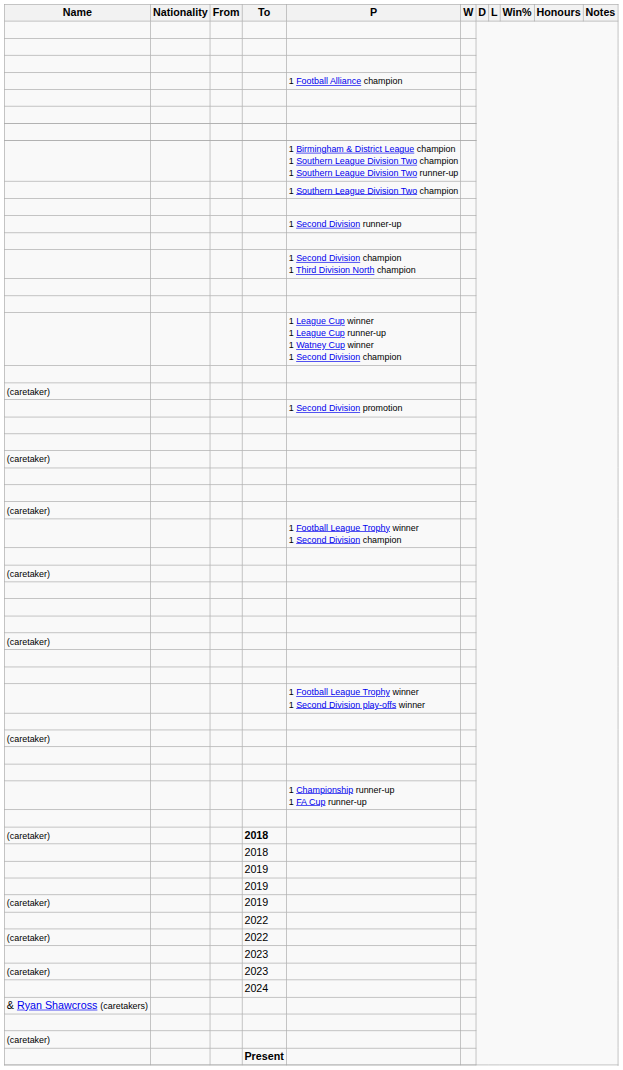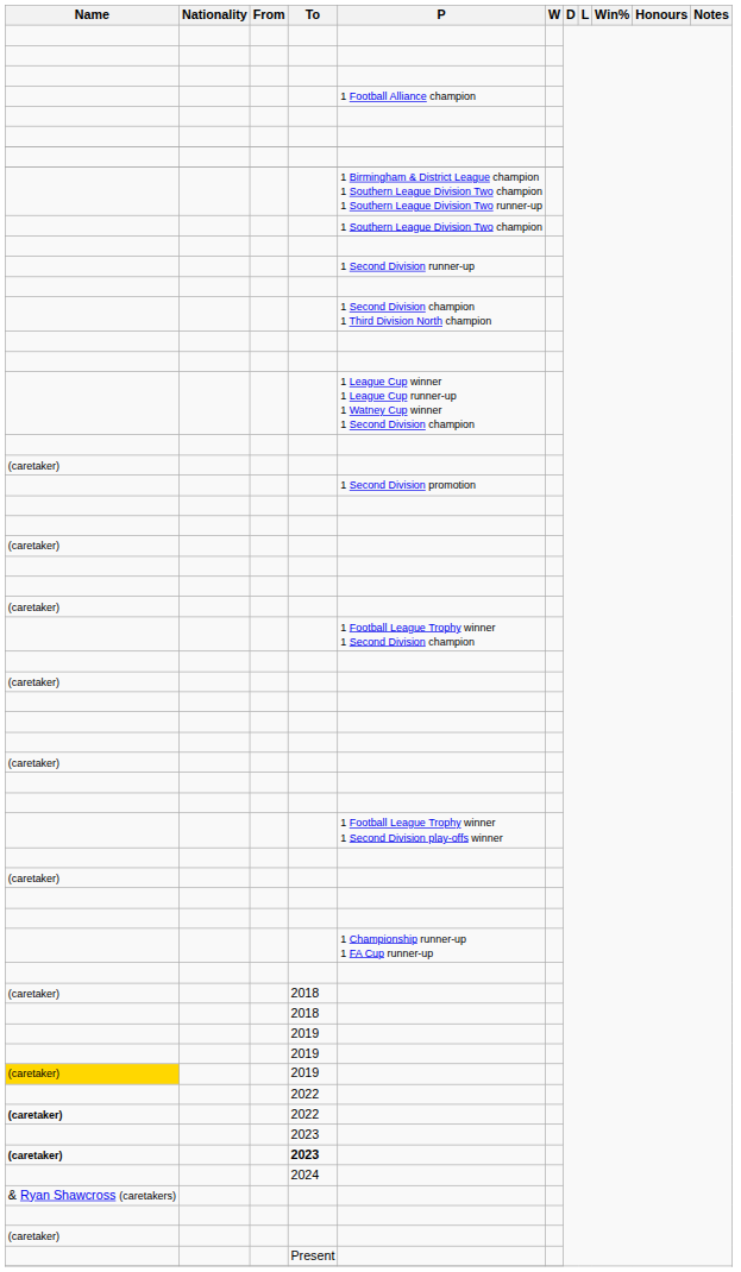 <table class="wikitable sortable">
 <tr>
 <th>Name</th>
 <th>Nationality</th>
 <th>From</th>
 <th class="unsortable">To</th>
 <th>P</th>
 <th>W</th>
 <th>D</th>
 <th>L</th>
 <th>Win%</th>
 <th class="unsortable">Honours</th>
 <th class="unsortable">Notes</th>
 </tr>
 <tr>
 <td align=left></td>
 <td></td>
 <td align=left></td>
 <td align=left><br></td>
 <td align=left></td>
 <td align=left></td>
 </tr>
 <tr>
 <td align=left></td>
 <td></td>
 <td align=left></td>
 <td align=left><br></td>
 <td align=left></td>
 <td align=left></td>
 </tr>
 <tr>
 <td align=left></td>
 <td></td>
 <td align=left></td>
 <td align=left><br></td>
 <td align=left></td>
 <td align=left></td>
 </tr>
 <tr>
 <td align=left></td>
 <td></td>
 <td align=left></td>
 <td align=left><br></td>
 <td align=left><small>1 <a href='#'>Football Alliance</a> champion</small></td>
 <td align=left></td>
 </tr>
 <tr>
 <td align=left></td>
 <td></td>
 <td align=left></td>
 <td align=left><br></td>
 <td align=left></td>
 <td align=left></td>
 </tr>
 <tr>
 <td align=left></td>
 <td></td>
 <td align=left></td>
 <td align=left><br></td>
 <td align=left></td>
 <td align=left></td>
 </tr>
 <tr>
 </tr>
 <tr>
 <td align=left></td>
 <td></td>
 <td align=left></td>
 <td align=left><br></td>
 <td align=left></td>
 <td align=left></td>
 </tr>
 <tr>
 </tr>
 <tr>
 <td align=left></td>
 <td></td>
 <td align=left></td>
 <td align=left><br></td>
 <td align=left><small>1 <a href='#'>Birmingham & District League</a> champion<br>1 <a href='#'>Southern League Division Two</a> champion <br> 1 <a href='#'>Southern League Division Two</a> runner-up</small></td>
 <td align=left></td>
 </tr>
 <tr>
 <td align=left></td>
 <td></td>
 <td align=left></td>
 <td align=left><br></td>
 <td align=left><small>1 <a href='#'>Southern League Division Two</a> champion</small></td>
 <td align=left></td>
 </tr>
 <tr>
 <td align=left></td>
 <td></td>
 <td align=left></td>
 <td align=left><br></td>
 <td align=left></td>
 <td align=left></td>
 </tr>
 <tr>
 <td align=left></td>
 <td></td>
 <td align=left></td>
 <td align=left><br></td>
 <td align=left><small> 1 <a href='#'>Second Division</a> runner-up</small></td>
 <td align=left></td>
 </tr>
 <tr>
 <td align=left></td>
 <td></td>
 <td align=left></td>
 <td align=left><br></td>
 <td align=left></td>
 <td align=left></td>
 </tr>
 <tr>
 <td align=left></td>
 <td></td>
 <td align=left></td>
 <td align=left><br></td>
 <td align=left><small>1 <a href='#'>Second Division</a> champion <br> 1 <a href='#'>Third Division North</a> champion</small></td>
 <td align=left></td>
 </tr>
 <tr>
 <td align=left></td>
 <td></td>
 <td align=left></td>
 <td align=left><br></td>
 <td align=left></td>
 <td align=left></td>
 </tr>
 <tr>
 <td align=left></td>
 <td></td>
 <td align=left></td>
 <td align=left><br></td>
 <td align=left></td>
 <td align=left></td>
 </tr>
 <tr>
 <td align=left></td>
 <td></td>
 <td align=left></td>
 <td align=left><br></td>
 <td align=left><small>1 <a href='#'>League Cup</a> winner <br> 1 <a href='#'>League Cup</a> runner-up <br> 1 <a href='#'>Watney Cup</a> winner <br> 1 <a href='#'>Second Division</a> champion</small></td>
 <td align=left></td>
 </tr>
 <tr>
 <td align=left></td>
 <td></td>
 <td align=left></td>
 <td align=left><br></td>
 <td align=left></td>
 <td align=left></td>
 </tr>
 <tr>
 <td align=left> <small>(caretaker)</small></td>
 <td></td>
 <td align=left></td>
 <td align=left><br></td>
 <td align=left></td>
 <td align=left></td>
 </tr>
 <tr>
 <td align=left></td>
 <td></td>
 <td align=left></td>
 <td align=left><br></td>
 <td align=left><small>1 <a href='#'>Second Division</a> promotion</small></td>
 <td align=left></td>
 </tr>
 <tr>
 <td align=left></td>
 <td></td>
 <td align=left></td>
 <td align=left><br></td>
 <td align=left></td>
 <td align=left></td>
 </tr>
 <tr>
 <td align=left></td>
 <td></td>
 <td align=left></td>
 <td align=left><br></td>
 <td align=left></td>
 <td align=left></td>
 </tr>
 <tr>
 <td align=left> <small>(caretaker)</small></td>
 <td></td>
 <td align=left></td>
 <td align=left><br></td>
 <td align=left></td>
 <td align=left></td>
 </tr>
 <tr>
 <td align=left></td>
 <td></td>
 <td align=left></td>
 <td align=left><br></td>
 <td align=left></td>
 <td align=left></td>
 </tr>
 <tr>
 <td align=left></td>
 <td></td>
 <td align=left></td>
 <td align=left><br></td>
 <td align=left></td>
 <td align=left></td>
 </tr>
 <tr>
 <td align=left> <small>(caretaker)</small></td>
 <td></td>
 <td align=left></td>
 <td align=left><br></td>
 <td align=left></td>
 <td align=left></td>
 </tr>
 <tr>
 <td align=left></td>
 <td></td>
 <td align=left></td>
 <td align=left><br></td>
 <td align=left><small>1 <a href='#'>Football League Trophy</a> winner <br> 1 <a href='#'>Second Division</a> champion</small></td>
 <td align=left></td>
 </tr>
 <tr>
 <td align=left></td>
 <td></td>
 <td align=left></td>
 <td align=left><br></td>
 <td align=left></td>
 <td align=left></td>
 </tr>
 <tr>
 <td align=left> <small>(caretaker)</small></td>
 <td></td>
 <td align=left></td>
 <td align=left><br></td>
 <td align=left></td>
 <td align=left></td>
 </tr>
 <tr>
 <td align=left></td>
 <td></td>
 <td align=left></td>
 <td align=left><br></td>
 <td align=left></td>
 <td align=left></td>
 </tr>
 <tr>
 <td align=left></td>
 <td></td>
 <td align=left></td>
 <td align=left><br></td>
 <td align=left></td>
 <td align=left></td>
 </tr>
 <tr>
 <td align=left></td>
 <td></td>
 <td align=left></td>
 <td align=left><br></td>
 <td align=left></td>
 <td align=left></td>
 </tr>
 <tr>
 <td align=left> <small>(caretaker)</small></td>
 <td></td>
 <td align=left></td>
 <td align=left><br></td>
 <td align=left></td>
 <td align=left></td>
 </tr>
 <tr>
 <td align=left></td>
 <td></td>
 <td align=left></td>
 <td align=left><br></td>
 <td align=left></td>
 <td align=left></td>
 </tr>
 <tr>
 <td align=left></td>
 <td></td>
 <td align=left></td>
 <td align=left><br></td>
 <td align=left></td>
 <td align=left></td>
 </tr>
 <tr>
 <td align=left></td>
 <td></td>
 <td align=left></td>
 <td align=left><br></td>
 <td align=left><small>1 <a href='#'>Football League Trophy</a> winner <br> 1 <a href='#'>Second Division play-offs</a> winner</small></td>
 <td align=left></td>
 </tr>
 <tr>
 <td align=left></td>
 <td></td>
 <td align=left></td>
 <td align=left><br></td>
 <td align=left></td>
 <td align=left></td>
 </tr>
 <tr>
 <td align=left> <small>(caretaker)</small></td>
 <td></td>
 <td align=left></td>
 <td align=left><br></td>
 <td align=left></td>
 <td align=left></td>
 </tr>
 <tr>
 <td align=left></td>
 <td></td>
 <td align=left></td>
 <td align=left><br></td>
 <td align=left></td>
 <td align=left></td>
 </tr>
 <tr>
 <td align=left></td>
 <td></td>
 <td align=left></td>
 <td align=left><br></td>
 <td align=left></td>
 <td align=left></td>
 </tr>
 <tr>
 <td align=left></td>
 <td></td>
 <td align=left></td>
 <td align=left><br></td>
 <td align=left><small>1 <a href='#'>Championship</a> runner-up <br> 1 <a href='#'>FA Cup</a> runner-up</small></td>
 <td align=left></td>
 </tr>
 <tr>
 <td align=left></td>
 <td></td>
 <td align=left></td>
 <td align=left><br></td>
 <td align=left></td>
 <td align=left></td>
 </tr>
 <tr>
 <td align=left> <small>(caretaker)</small></td>
 <td></td>
 <td align=left></td>
-<td align=left><strong>2018<br></strong></td>
+<td align=left>2018<br></td>
 <td align=left></td>
 <td align=left></td>
 </tr>
 <tr>
 <td align=left></td>
 <td></td>
 <td align=left></td>
 <td align=left>2018<br></td>
 <td align=left></td>
 <td align=left></td>
 </tr>
 <tr>
 <td align=left></td>
 <td></td>
 <td align=left></td>
 <td align=left>2019<br></td>
 <td align=left></td>
 <td align=left></td>
 </tr>
 <tr>
 <td align=left></td>
 <td></td>
 <td align=left></td>
 <td align=left>2019<br></td>
 <td align=left></td>
 <td align=left></td>
 </tr>
 <tr>
-<td align=left> <small>(caretaker)</small></td>
+<td align=left style="background: gold;"> <small>(caretaker)</small></td>
 <td></td>
 <td align=left></td>
 <td align=left>2019<br></td>
 <td align=left></td>
 <td align=left></td>
 </tr>
 <tr>
 <td align=left></td>
 <td></td>
 <td align=left></td>
 <td align=left>2022<br></td>
 <td align=left></td>
 <td align=left></td>
 </tr>
 <tr>
-<td align=left> <small>(caretaker)</small></td>
+<td align=left><strong> <small>(caretaker)</small></strong></td>
 <td></td>
 <td align=left></td>
 <td align=left>2022<br></td>
 <td align=left></td>
 <td align=left></td>
 </tr>
 <tr>
 <td align=left></td>
 <td></td>
 <td align=left></td>
 <td align=left>2023<br></td>
 <td align=left></td>
 <td align=left></td>
 </tr>
 <tr>
-<td align=left> <small>(caretaker)</small></td>
+<td align=left><strong> <small>(caretaker)</small></strong></td>
 <td></td>
 <td align=left></td>
-<td align=left>2023<br></td>
+<td align=left><strong>2023<br></strong></td>
 <td align=left></td>
 <td align=left></td>
 </tr>
 <tr>
 <td align=left></td>
 <td></td>
 <td align=left></td>
 <td align=left>2024<br></td>
 <td align=left></td>
 <td align=left></td>
 </tr>
 <tr>
 <td align=left> & <a href='#'>Ryan Shawcross</a> <small>(caretakers)</small></td>
 <td></td>
 <td align=left></td>
 <td align=left><br></td>
 <td align=left></td>
 <td align=left></td>
 </tr>
 <tr>
 <td align=left></td>
 <td></td>
 <td align=left></td>
 <td align=left><br></td>
 <td align=left></td>
 <td align=left></td>
 </tr>
 <tr>
 <td align=left> <small>(caretaker)</small></td>
 <td></td>
 <td align=left></td>
 <td align=left><br></td>
 <td align=left></td>
 <td align=left></td>
 </tr>
 <tr>
 <td align=left></td>
 <td></td>
 <td align=left></td>
-<td align=left><strong>Present<br></strong></td>
+<td align=left>Present<br></td>
 <td align=left></td>
 <td align=left></td>
 </tr>
 <tr>
 </tr>
 </table>
